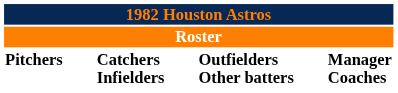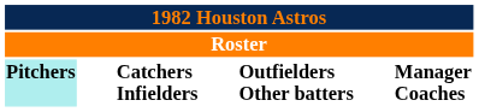 <table class="toccolours" style="text-align: left;">
 <tr>
 <th colspan="10" style="background-color: #072854; color: #FF7F00; text-align: center;">1982 Houston Astros</th>
 </tr>
 <tr>
 <td colspan="10" style="background-color: #FF7F00; color: white; text-align: center;"><strong>Roster</strong></td>
 </tr>
 <tr>
-<td valign="top"><strong>Pitchers</strong><br>               </td>
+<td valign="top" style="background: paleturquoise;"><strong>Pitchers</strong><br>               </td>
 <td width="25px"></td>
 <td valign="top"><strong>Catchers</strong><br>   <strong>Infielders</strong>         </td>
 <td width="25px"></td>
 <td valign="top"><strong>Outfielders</strong><br>         <strong>Other batters</strong> </td>
 <td width="25px"></td>
 <td valign="top"><strong>Manager</strong><br>  <strong>Coaches</strong>    </td>
 </tr>
 </table>
